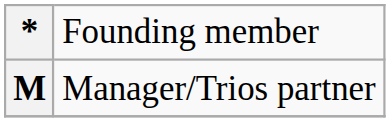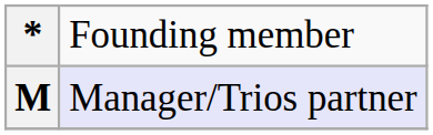 <table class="wikitable">
 <tr>
 <th>*</th>
 <td>Founding member</td>
 </tr>
 <tr>
 <th><strong>M</strong></th>
-<td>Manager/Trios partner</td>
+<td style="background: lavender;">Manager/Trios partner</td>
 </tr>
 <tr>
 </tr>
 </table>
